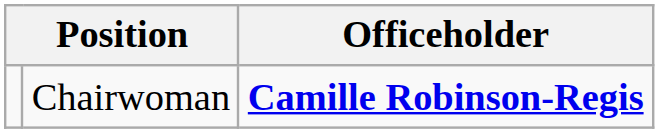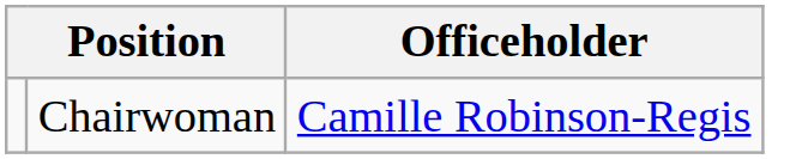 <table class="wikitable sortable" style="text-align: left">
 <tr>
 <th colspan="2">Position</th>
 <th>Officeholder</th>
 </tr>
 <tr>
 <td></td>
 <td>Chairwoman</td>
-<td><strong><a href='#'>Camille Robinson-Regis</a></strong></td>
+<td><a href='#'>Camille Robinson-Regis</a></td>
 </tr>
 </table>
